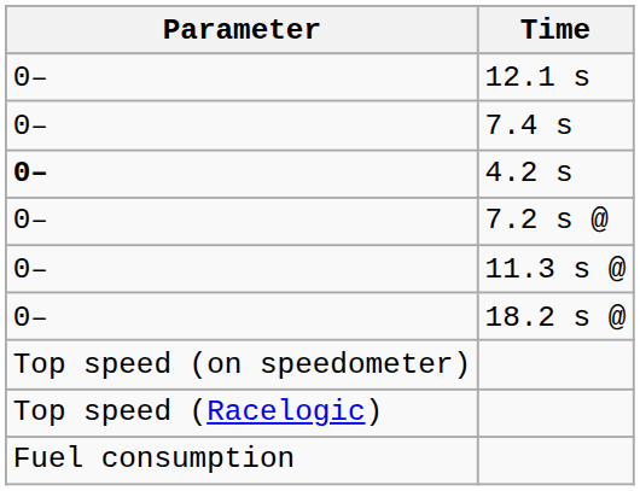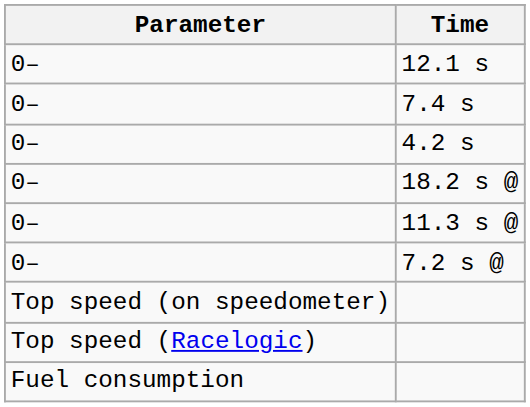 <table class="wikitable">
 <tr>
 <th>Parameter</th>
 <th>Time</th>
 </tr>
 <tr>
 <td>0–</td>
 <td>12.1 s</td>
 </tr>
 <tr>
 <td>0–</td>
 <td>7.4 s</td>
 </tr>
 <tr>
-<td><strong>0–</strong></td>
+<td>0–</td>
 <td>4.2 s</td>
 </tr>
 <tr>
 <td>0–</td>
-<td>7.2 s @ </td>
+<td>18.2 s @ </td>
 </tr>
 <tr>
 <td>0–</td>
 <td>11.3 s @ </td>
 </tr>
 <tr>
 <td>0–</td>
-<td>18.2 s @ </td>
+<td>7.2 s @ </td>
 </tr>
 <tr>
 <td>Top speed (on speedometer)</td>
 <td></td>
 </tr>
 <tr>
 <td>Top speed (<a href='#'>Racelogic</a>)</td>
 <td></td>
 </tr>
 <tr>
 <td>Fuel consumption</td>
 <td></td>
 </tr>
 </table>
